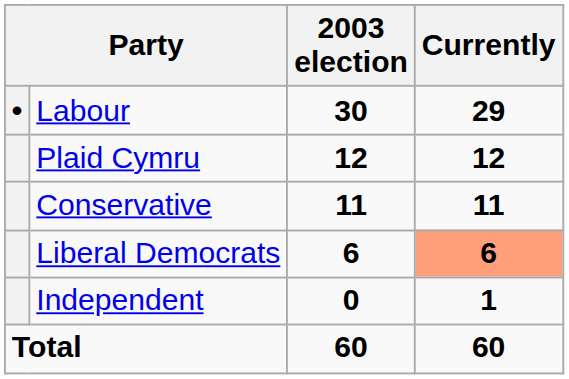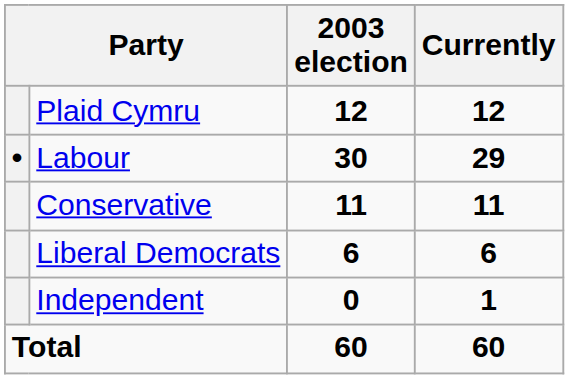 <table class="wikitable">
 <tr>
 <th colspan=2>Party</th>
 <th>2003<br>election</th>
 <th>Currently</th>
 </tr>
 <tr>
+<th style="background-color: "></th>
+<td><a href='#'>Plaid Cymru</a></td>
+<td align="center"><strong>12</strong></td>
+<td align="center"><strong>12</strong></td>
+</tr>
+<tr>
 <th style="background-color: "><span>•</span></th>
 <td><a href='#'>Labour</a></td>
 <td align="center"><strong>30</strong></td>
 <td align="center"><strong>29</strong></td>
-</tr>
-<tr>
-<th style="background-color: "></th>
-<td><a href='#'>Plaid Cymru</a></td>
-<td align="center"><strong>12</strong></td>
-<td align="center"><strong>12</strong></td>
 </tr>
 <tr>
 <th style="background-color: "></th>
 <td><a href='#'>Conservative</a></td>
 <td align="center"><strong>11</strong></td>
 <td align="center"><strong>11</strong></td>
 </tr>
 <tr>
 <th style="background-color: "></th>
 <td><a href='#'>Liberal Democrats</a></td>
 <td align="center"><strong>6</strong></td>
-<td align="center" style="background: lightsalmon;"><strong>6</strong></td>
+<td align="center"><strong>6</strong></td>
 </tr>
 <tr>
 <th style="background-color: "></th>
 <td><a href='#'>Independent</a></td>
 <td align="center"><strong>0</strong></td>
 <td align="center"><strong>1</strong></td>
 </tr>
 <tr>
 <td colspan="2"><strong>Total</strong></td>
 <td align="center"><strong>60</strong></td>
 <td align="center"><strong>60</strong></td>
 </tr>
 </table>
